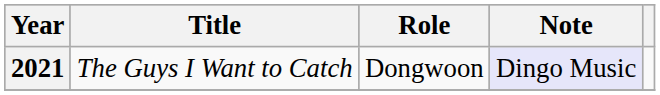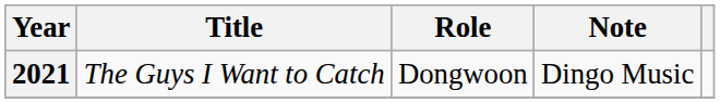 <table class="wikitable plainrowheaders">
 <tr>
 <th scope="col">Year</th>
 <th scope="col">Title</th>
 <th scope="col">Role</th>
 <th scope="col">Note</th>
 <th scope="col" class="unsortable"></th>
 </tr>
 <tr>
 <th scope="row">2021</th>
 <td><em>The Guys I Want to Catch</em></td>
 <td>Dongwoon</td>
-<td style="background: lavender;">Dingo Music</td>
+<td>Dingo Music</td>
 <td></td>
 </tr>
 <tr>
 </tr>
 </table>
